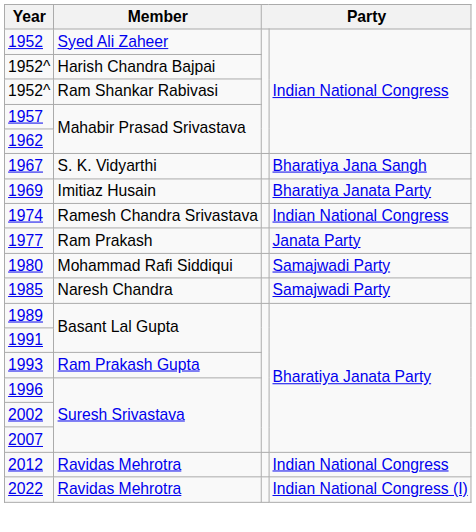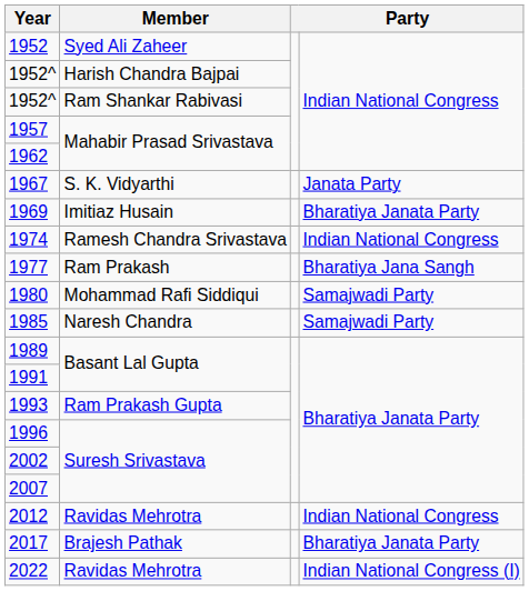 <table class="wikitable">
 <tr>
 <th>Year</th>
 <th>Member</th>
 <th colspan=2>Party</th>
 </tr>
 <tr>
 <td><a href='#'>1952</a></td>
 <td><a href='#'>Syed Ali Zaheer</a></td>
 <td rowspan="5" style="background-color: "></td>
 <td rowspan="5"><a href='#'>Indian National Congress</a></td>
 </tr>
 <tr>
 <td>1952^</td>
 <td>Harish Chandra Bajpai</td>
 </tr>
 <tr>
 <td>1952^</td>
 <td>Ram Shankar Rabivasi</td>
 </tr>
 <tr>
 <td><a href='#'>1957</a></td>
 <td rowspan="2">Mahabir Prasad Srivastava</td>
 </tr>
 <tr>
 <td><a href='#'>1962</a></td>
 </tr>
 <tr>
 <td><a href='#'>1967</a></td>
 <td>S. K. Vidyarthi</td>
 <td style="background-color: "></td>
-<td><a href='#'>Bharatiya Jana Sangh</a></td>
+<td><a href='#'>Janata Party</a></td>
 </tr>
 <tr>
 <td><a href='#'>1969</a></td>
 <td>Imitiaz Husain</td>
 <td style="background-color: "></td>
 <td><a href='#'>Bharatiya Janata Party</a></td>
 </tr>
 <tr>
 <td><a href='#'>1974</a></td>
 <td>Ramesh Chandra Srivastava</td>
 <td style="background-color: "></td>
 <td><a href='#'>Indian National Congress</a></td>
 </tr>
 <tr>
 <td><a href='#'>1977</a></td>
 <td>Ram Prakash</td>
 <td style="background-color: "></td>
-<td><a href='#'>Janata Party</a></td>
+<td><a href='#'>Bharatiya Jana Sangh</a></td>
 </tr>
 <tr>
 <td><a href='#'>1980</a></td>
 <td>Mohammad Rafi Siddiqui</td>
 <td style="background-color: "></td>
 <td><a href='#'>Samajwadi Party</a></td>
 </tr>
 <tr>
 <td><a href='#'>1985</a></td>
 <td>Naresh Chandra</td>
 <td style="background-color: "></td>
 <td><a href='#'>Samajwadi Party</a></td>
 </tr>
 <tr>
 <td><a href='#'>1989</a></td>
 <td rowspan="2">Basant Lal Gupta</td>
 <td rowspan="6" style="background-color: "></td>
 <td rowspan="6"><a href='#'>Bharatiya Janata Party</a></td>
 </tr>
 <tr>
 <td><a href='#'>1991</a></td>
 </tr>
 <tr>
 <td><a href='#'>1993</a></td>
 <td><a href='#'>Ram Prakash Gupta</a></td>
 </tr>
 <tr>
 <td><a href='#'>1996</a></td>
 <td rowspan="3"><a href='#'>Suresh Srivastava</a></td>
 </tr>
 <tr>
 <td><a href='#'>2002</a></td>
 </tr>
 <tr>
 <td><a href='#'>2007</a></td>
 </tr>
 <tr>
 <td><a href='#'>2012</a></td>
 <td><a href='#'>Ravidas Mehrotra</a></td>
 <td style="background-color: "></td>
 <td><a href='#'>Indian National Congress</a></td>
 </tr>
 <tr>
+<td><a href='#'>2017</a></td>
+<td><a href='#'>Brajesh Pathak</a></td>
+<td style="background-color: "></td>
+<td><a href='#'>Bharatiya Janata Party</a></td>
+</tr>
+<tr>
 <td><a href='#'>2022</a></td>
 <td><a href='#'>Ravidas Mehrotra</a></td>
 <td style="background-color: "></td>
 <td><a href='#'>Indian National Congress (I)</a></td>
 </tr>
 </table>
